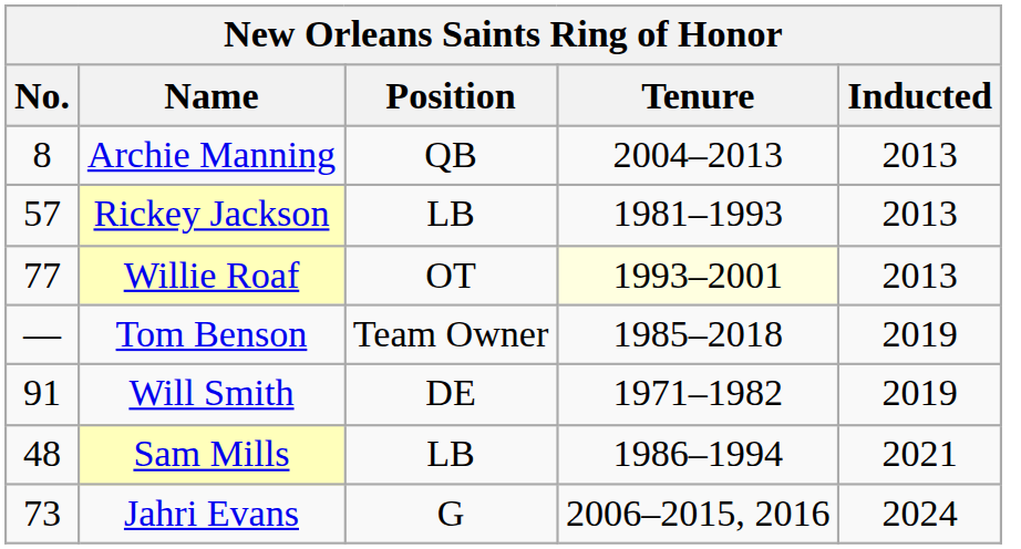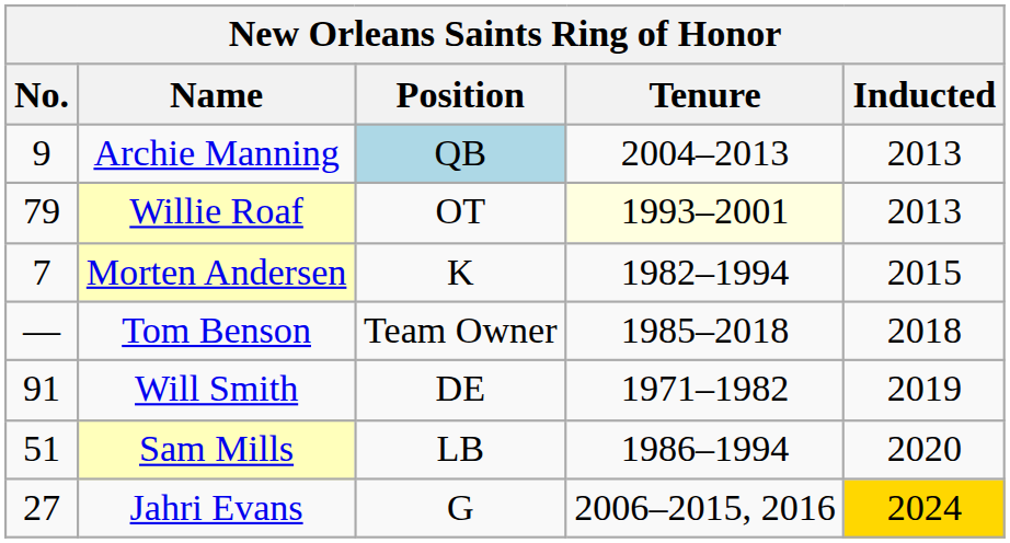 <table class="wikitable" style="text-align:center">
 <tr>
 <th colspan="5">New Orleans Saints Ring of Honor</th>
 </tr>
 <tr>
 <th>No.</th>
 <th>Name</th>
 <th>Position</th>
 <th>Tenure</th>
 <th>Inducted</th>
 </tr>
 <tr>
-<td>8</td>
+<td>9</td>
 <td><a href='#'>Archie Manning</a></td>
-<td>QB</td>
+<td style="background: lightblue;">QB</td>
 <td>2004–2013</td>
 <td>2013</td>
 </tr>
 <tr>
-<td>57</td>
-<td style="background:#ffb"><a href='#'>Rickey Jackson</a></td>
-<td>LB</td>
-<td>1981–1993</td>
-<td>2013</td>
-</tr>
-<tr>
-<td>77</td>
+<td>79</td>
 <td style="background:#ffb"><a href='#'>Willie Roaf</a></td>
 <td>OT</td>
 <td style="background: lightyellow;">1993–2001</td>
 <td>2013</td>
 </tr>
 <tr>
+<td>7</td>
+<td style="background:#ffb"><a href='#'>Morten Andersen</a></td>
+<td>K</td>
+<td>1982–1994</td>
+<td>2015</td>
+</tr>
+<tr>
 <td>—</td>
 <td><a href='#'>Tom Benson</a></td>
 <td>Team Owner</td>
 <td>1985–2018</td>
-<td>2019</td>
+<td>2018</td>
 </tr>
 <tr>
 <td>91</td>
 <td><a href='#'>Will Smith</a></td>
 <td>DE</td>
 <td>1971–1982</td>
 <td>2019</td>
 </tr>
 <tr>
-<td>48</td>
+<td>51</td>
 <td style="background:#ffb"><a href='#'>Sam Mills</a></td>
 <td>LB</td>
 <td>1986–1994</td>
-<td>2021</td>
+<td>2020</td>
 </tr>
 <tr>
-<td>73</td>
+<td>27</td>
 <td><a href='#'>Jahri Evans</a></td>
 <td>G</td>
 <td>2006–2015, 2016</td>
-<td>2024</td>
+<td style="background: gold;">2024</td>
 </tr>
 </table>
